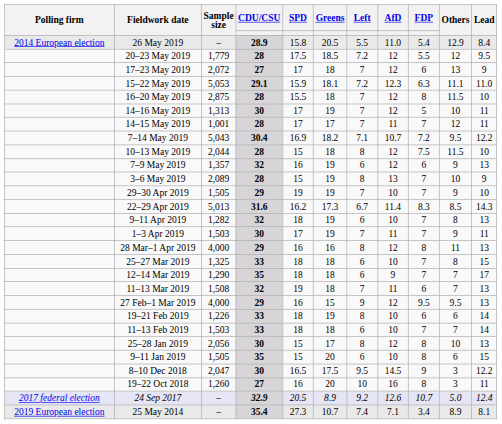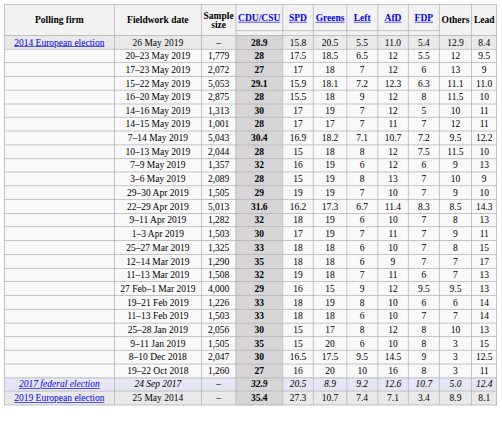 <table class="wikitable sortable" style="text-align:center;font-size:90%;line-height:14px;">
 <tr style="height:40px;">
 <th style="width:160px;" rowspan="2">Polling firm</th>
 <th style="width:125px;" rowspan="2">Fieldwork date</th>
 <th style="width:35px;" rowspan="2">Sample<br>size</th>
 <th class="unsortable" style="width:40px;"><a href='#'><span>CDU/CSU</span></a><br></th>
 <th class="unsortable" style="width:40px;"><a href='#'><span>SPD</span></a><br></th>
 <th class="unsortable" style="width:40px;"><a href='#'><span>Greens</span></a><br></th>
 <th class="unsortable" style="width:40px;"><a href='#'><span>Left</span></a><br></th>
 <th class="unsortable" style="width:40px;"><a href='#'><span>AfD</span></a><br></th>
 <th class="unsortable" style="width:40px;"><a href='#'><span>FDP</span></a><br></th>
 <th class="unsortable" style="width:30px;" rowspan="2">Others</th>
 <th style="width:30px;" rowspan="2">Lead</th>
 </tr>
 <tr>
 <th style="background:"></th>
 <th style="background:"></th>
 <th style="background:"></th>
 <th style="background:"></th>
 <th style="background:"></th>
 <th style="background:"></th>
 </tr>
 <tr style="background:#E9E9E9;">
 <td><a href='#'>2014 European election</a></td>
 <td data-sort-value="2019-05-26">26 May 2019</td>
 <td>–</td>
 <td style="background:#D7D5D7;"><strong>28.9</strong></td>
 <td>15.8</td>
 <td>20.5</td>
 <td>5.5</td>
 <td>11.0</td>
 <td>5.4</td>
 <td>12.9</td>
 <td style="background:">8.4</td>
 </tr>
 <tr>
 <td></td>
 <td data-sort-value="2019-05-23">20–23 May 2019</td>
 <td>1,779</td>
 <td style="background:#D7D5D7;"><strong>28</strong></td>
 <td>17.5</td>
 <td>18.5</td>
-<td>7.2</td>
+<td>6.5</td>
 <td>12</td>
 <td>5.5</td>
 <td>12</td>
 <td style="background:">9.5</td>
 </tr>
 <tr>
 <td></td>
 <td data-sort-value="2019-05-23">17–23 May 2019</td>
 <td>2,072</td>
 <td style="background:#D7D5D7;"><strong>27</strong></td>
 <td>17</td>
 <td>18</td>
 <td>7</td>
 <td>12</td>
 <td>6</td>
 <td>13</td>
 <td style="background:">9</td>
 </tr>
 <tr>
 <td></td>
 <td data-sort-value="2019-05-22">15–22 May 2019</td>
 <td>5,053</td>
 <td style="background:#D7D5D7;"><strong>29.1</strong></td>
 <td>15.9</td>
 <td>18.1</td>
 <td>7.2</td>
 <td>12.3</td>
 <td>6.3</td>
 <td>11.1</td>
 <td style="background:">11.0</td>
 </tr>
 <tr>
 <td></td>
 <td data-sort-value="2019-05-20">16–20 May 2019</td>
 <td>2,875</td>
 <td style="background:#D7D5D7;"><strong>28</strong></td>
 <td>15.5</td>
 <td>18</td>
-<td>7</td>
+<td>9</td>
 <td>12</td>
 <td>8</td>
 <td>11.5</td>
 <td style="background:">10</td>
 </tr>
 <tr>
 <td></td>
 <td data-sort-value="2019-05-16">14–16 May 2019</td>
 <td>1,313</td>
 <td style="background:#D7D5D7;"><strong>30</strong></td>
 <td>17</td>
 <td>19</td>
 <td>7</td>
 <td>12</td>
 <td>5</td>
 <td>10</td>
 <td style="background:">11</td>
 </tr>
 <tr>
 <td></td>
 <td data-sort-value="2019-05-15">14–15 May 2019</td>
 <td>1,001</td>
 <td style="background:#D7D5D7;"><strong>28</strong></td>
 <td>17</td>
 <td>17</td>
 <td>7</td>
 <td>11</td>
 <td>7</td>
 <td>12</td>
 <td style="background:">11</td>
 </tr>
 <tr>
 <td></td>
 <td data-sort-value="2019-05-14">7–14 May 2019</td>
 <td>5,043</td>
 <td style="background:#D7D5D7;"><strong>30.4</strong></td>
 <td>16.9</td>
 <td>18.2</td>
 <td>7.1</td>
 <td>10.7</td>
 <td>7.2</td>
 <td>9.5</td>
 <td style="background:">12.2</td>
 </tr>
 <tr>
 <td></td>
 <td data-sort-value="2019-05-13">10–13 May 2019</td>
 <td>2,044</td>
 <td style="background:#D7D5D7;"><strong>28</strong></td>
 <td>15</td>
 <td>18</td>
 <td>8</td>
 <td>12</td>
 <td>7.5</td>
 <td>11.5</td>
 <td style="background:">10</td>
 </tr>
 <tr>
 <td></td>
 <td data-sort-value="2019-05-09">7–9 May 2019</td>
 <td>1,357</td>
 <td style="background:#D7D5D7;"><strong>32</strong></td>
 <td>16</td>
 <td>19</td>
 <td>6</td>
 <td>12</td>
 <td>6</td>
 <td>9</td>
 <td style="background:">13</td>
 </tr>
 <tr>
 <td></td>
 <td data-sort-value="2019-05-06">3–6 May 2019</td>
 <td>2,089</td>
 <td style="background:#D7D5D7;"><strong>28</strong></td>
 <td>15</td>
 <td>19</td>
 <td>8</td>
 <td>13</td>
 <td>7</td>
 <td>10</td>
 <td style="background:">9</td>
 </tr>
 <tr>
 <td></td>
 <td data-sort-value="2019-04-30">29–30 Apr 2019</td>
 <td>1,505</td>
 <td style="background:#D7D5D7;"><strong>29</strong></td>
 <td>19</td>
 <td>19</td>
 <td>7</td>
 <td>10</td>
 <td>7</td>
 <td>9</td>
 <td style="background:">10</td>
 </tr>
 <tr>
 <td></td>
 <td data-sort-value="2019-04-29">22–29 Apr 2019</td>
 <td>5,013</td>
 <td style="background:#D7D5D7;"><strong>31.6</strong></td>
 <td>16.2</td>
 <td>17.3</td>
 <td>6.7</td>
 <td>11.4</td>
 <td>8.3</td>
 <td>8.5</td>
 <td style="background:">14.3</td>
 </tr>
 <tr>
 <td></td>
 <td data-sort-value="2019-04-11">9–11 Apr 2019</td>
 <td>1,282</td>
 <td style="background:#D7D5D7;"><strong>32</strong></td>
 <td>18</td>
 <td>19</td>
 <td>6</td>
 <td>10</td>
 <td>7</td>
 <td>8</td>
 <td style="background:">13</td>
 </tr>
 <tr>
 <td></td>
 <td data-sort-value="2019-04-03">1–3 Apr 2019</td>
 <td>1,503</td>
 <td style="background:#D7D5D7;"><strong>30</strong></td>
 <td>17</td>
 <td>19</td>
 <td>7</td>
 <td>11</td>
 <td>7</td>
 <td>9</td>
 <td style="background:">11</td>
 </tr>
 <tr>
 <td></td>
-<td data-sort-value="2019-04-01">28 Mar–1 Apr 2019</td>
-<td>4,000</td>
-<td style="background:#D7D5D7;"><strong>29</strong></td>
-<td>16</td>
-<td>16</td>
-<td>8</td>
-<td>12</td>
-<td>8</td>
-<td>11</td>
-<td style="background:">13</td>
-</tr>
-<tr>
-<td></td>
 <td data-sort-value="2019-03-27">25–27 Mar 2019</td>
 <td>1,325</td>
 <td style="background:#D7D5D7;"><strong>33</strong></td>
 <td>18</td>
 <td>18</td>
 <td>6</td>
 <td>10</td>
 <td>7</td>
 <td>8</td>
 <td style="background:">15</td>
 </tr>
 <tr>
 <td></td>
 <td data-sort-value="2019-03-14">12–14 Mar 2019</td>
 <td>1,290</td>
 <td style="background:#D7D5D7;"><strong>35</strong></td>
 <td>18</td>
 <td>18</td>
 <td>6</td>
 <td>9</td>
 <td>7</td>
 <td>7</td>
 <td style="background:">17</td>
 </tr>
 <tr>
 <td></td>
 <td data-sort-value="2019-03-13">11–13 Mar 2019</td>
 <td>1,508</td>
 <td style="background:#D7D5D7;"><strong>32</strong></td>
 <td>19</td>
 <td>18</td>
 <td>7</td>
 <td>11</td>
 <td>6</td>
 <td>7</td>
 <td style="background:">13</td>
 </tr>
 <tr>
 <td></td>
 <td data-sort-value="2019-03-01">27 Feb–1 Mar 2019</td>
 <td>4,000</td>
 <td style="background:#D7D5D7;"><strong>29</strong></td>
 <td>16</td>
 <td>15</td>
 <td>9</td>
 <td>12</td>
 <td>9.5</td>
 <td>9.5</td>
 <td style="background:">13</td>
 </tr>
 <tr>
 <td></td>
 <td data-sort-value="2019-02-21">19–21 Feb 2019</td>
 <td>1,226</td>
 <td style="background:#D7D5D7;"><strong>33</strong></td>
 <td>18</td>
 <td>19</td>
 <td>8</td>
 <td>10</td>
 <td>6</td>
 <td>6</td>
 <td style="background:">14</td>
 </tr>
 <tr>
 <td></td>
 <td data-sort-value="2019-02-13">11–13 Feb 2019</td>
 <td>1,503</td>
 <td style="background:#D7D5D7;"><strong>33</strong></td>
 <td>18</td>
 <td>18</td>
 <td>6</td>
 <td>10</td>
 <td>7</td>
 <td>7</td>
 <td style="background:">14</td>
 </tr>
 <tr>
 <td></td>
 <td data-sort-value="2019-01-28">25–28 Jan 2019</td>
 <td>2,056</td>
 <td style="background:#D7D5D7;"><strong>30</strong></td>
 <td>15</td>
 <td>17</td>
 <td>8</td>
 <td>12</td>
 <td>8</td>
 <td>10</td>
 <td style="background:">13</td>
 </tr>
 <tr>
 <td></td>
 <td data-sort-value="2019-01-11">9–11 Jan 2019</td>
 <td>1,505</td>
 <td style="background:#D7D5D7;"><strong>35</strong></td>
 <td>15</td>
 <td>20</td>
 <td>6</td>
 <td>10</td>
 <td>8</td>
-<td>6</td>
+<td>3</td>
 <td style="background:">15</td>
 </tr>
 <tr>
 <td></td>
 <td data-sort-value="2018-12-10">8–10 Dec 2018</td>
 <td>2,047</td>
 <td style="background:#D7D5D7;"><strong>30</strong></td>
 <td>16.5</td>
 <td>17.5</td>
 <td>9.5</td>
 <td>14.5</td>
 <td>9</td>
 <td>3</td>
-<td style="background:">12.2</td>
+<td style="background:">12.5</td>
 </tr>
 <tr>
 <td></td>
 <td data-sort-value="2018-10-22">19–22 Oct 2018</td>
 <td>1,260</td>
 <td style="background:#D7D5D7;"><strong>27</strong></td>
 <td>16</td>
 <td>20</td>
 <td>10</td>
 <td>16</td>
 <td>8</td>
 <td>3</td>
 <td style="background:">11</td>
 </tr>
 <tr style="background:#E5E5F5;font-style:italic;">
 <td><a href='#'>2017 federal election</a></td>
 <td data-sort-value="2017-09-24">24 Sep 2017</td>
 <td>–</td>
 <td style="background:#D7D5D7;"><strong>32.9</strong></td>
 <td>20.5</td>
 <td>8.9</td>
 <td>9.2</td>
 <td>12.6</td>
 <td>10.7</td>
 <td>5.0</td>
 <td style="background:">12.4</td>
 </tr>
 <tr style="background:#E9E9E9;">
 <td><a href='#'>2019 European election</a></td>
 <td data-sort-value="2014-05-25">25 May 2014</td>
 <td>–</td>
 <td style="background:#D7D5D7;"><strong>35.4</strong></td>
 <td>27.3</td>
 <td>10.7</td>
 <td>7.4</td>
 <td>7.1</td>
 <td>3.4</td>
 <td>8.9</td>
 <td style="background:">8.1</td>
 </tr>
 </table>
